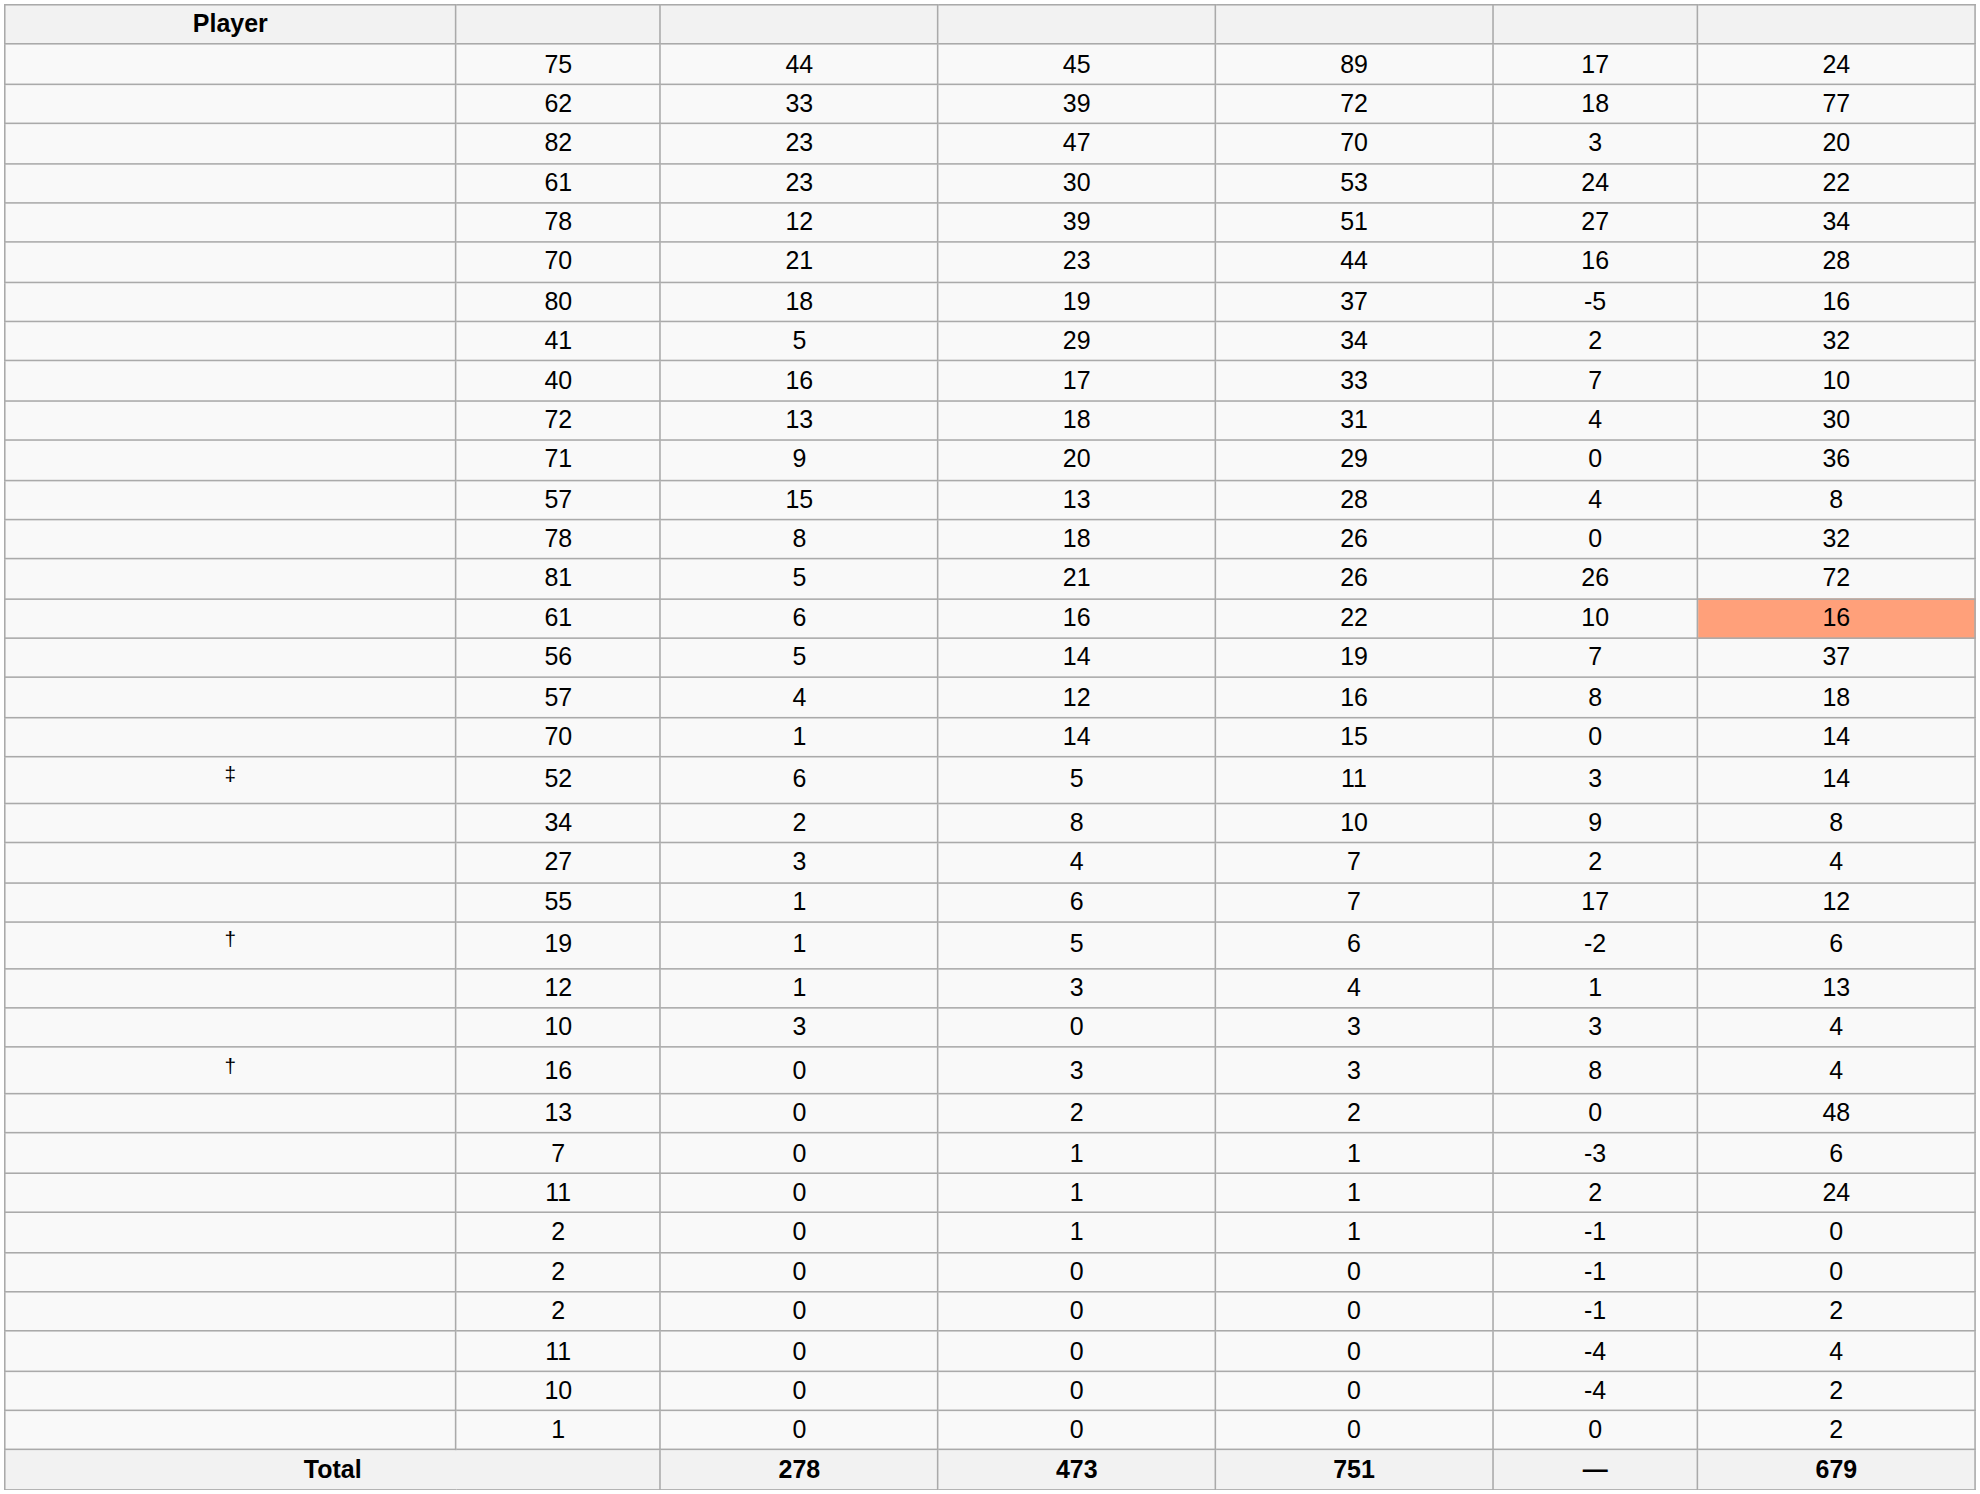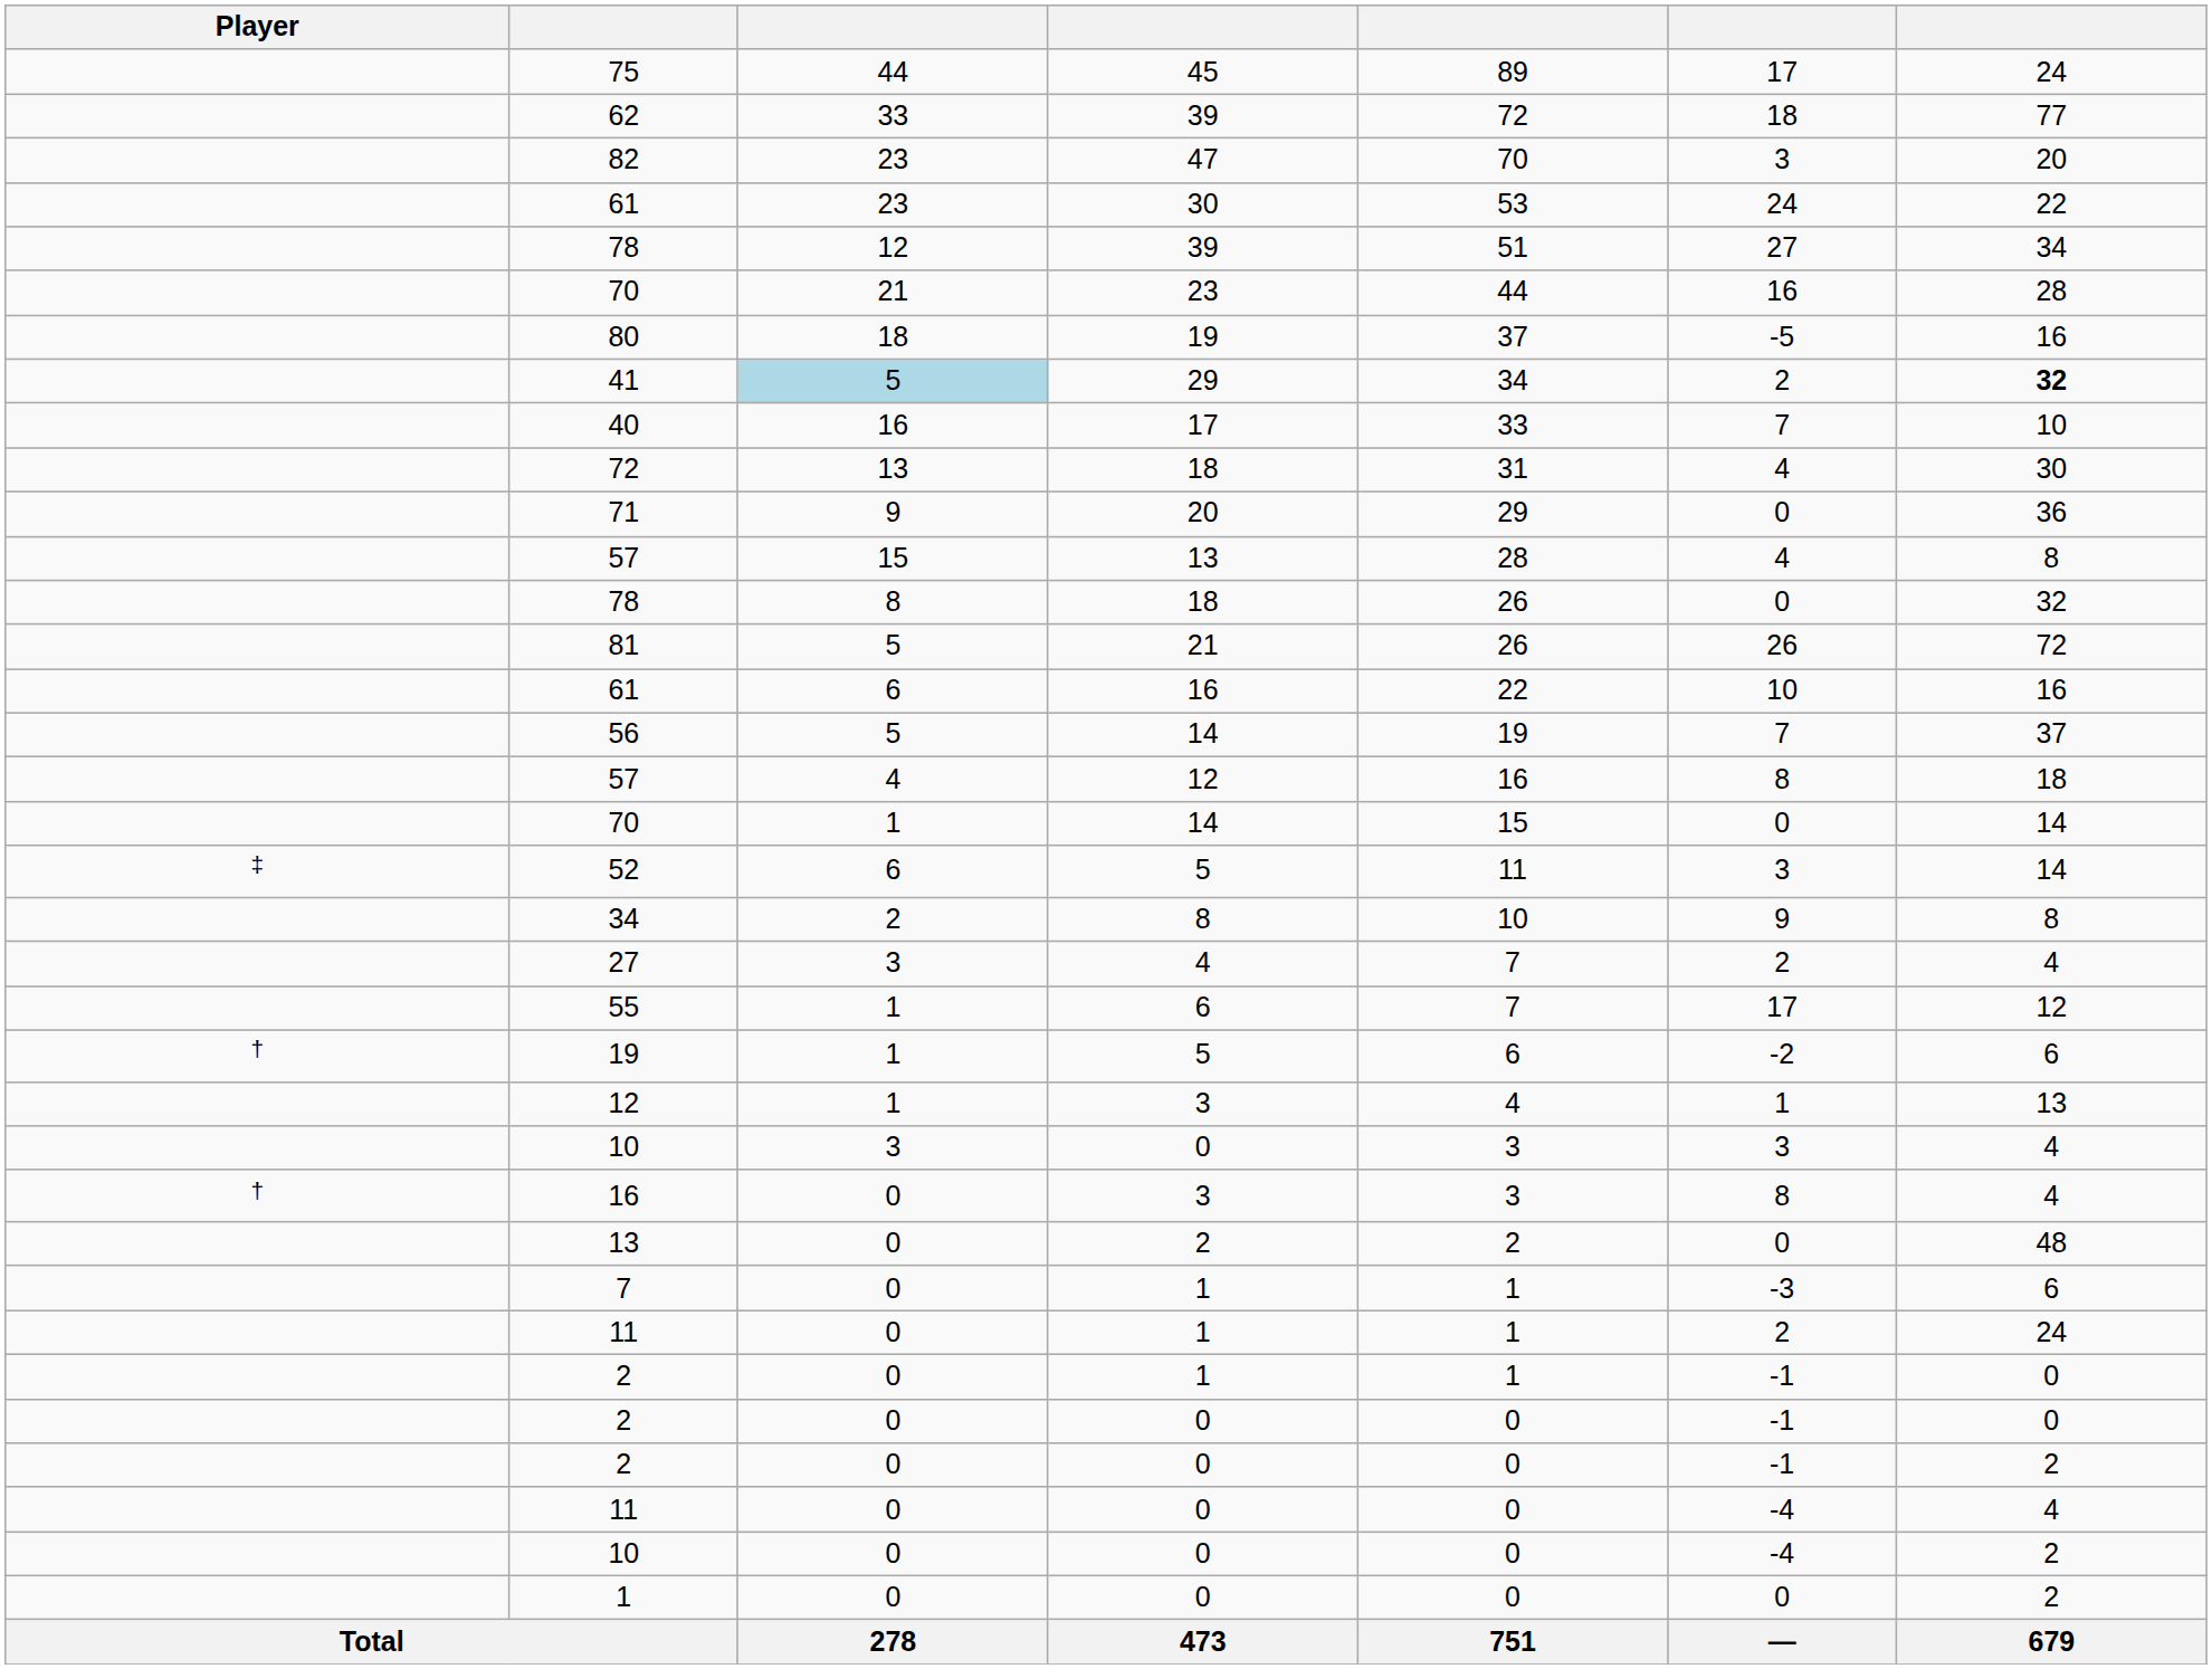 <table class="wikitable sortable" style="width:100%; text-align:center;">
 <tr align=center>
 <th>Player</th>
 <th></th>
 <th></th>
 <th></th>
 <th></th>
 <th data-sort-type="number"></th>
 <th></th>
 </tr>
 <tr>
 <td></td>
 <td>75</td>
 <td>44</td>
 <td>45</td>
 <td>89</td>
 <td>17</td>
 <td>24</td>
 </tr>
 <tr>
 <td></td>
 <td>62</td>
 <td>33</td>
 <td>39</td>
 <td>72</td>
 <td>18</td>
 <td>77</td>
 </tr>
 <tr>
 <td></td>
 <td>82</td>
 <td>23</td>
 <td>47</td>
 <td>70</td>
 <td>3</td>
 <td>20</td>
 </tr>
 <tr>
 <td></td>
 <td>61</td>
 <td>23</td>
 <td>30</td>
 <td>53</td>
 <td>24</td>
 <td>22</td>
 </tr>
 <tr>
 <td></td>
 <td>78</td>
 <td>12</td>
 <td>39</td>
 <td>51</td>
 <td>27</td>
 <td>34</td>
 </tr>
 <tr>
 <td></td>
 <td>70</td>
 <td>21</td>
 <td>23</td>
 <td>44</td>
 <td>16</td>
 <td>28</td>
 </tr>
 <tr>
 <td></td>
 <td>80</td>
 <td>18</td>
 <td>19</td>
 <td>37</td>
 <td>-5</td>
 <td>16</td>
 </tr>
 <tr>
 <td></td>
 <td>41</td>
-<td>5</td>
+<td style="background: lightblue;">5</td>
 <td>29</td>
 <td>34</td>
 <td>2</td>
-<td>32</td>
+<td><strong>32</strong></td>
 </tr>
 <tr>
 <td></td>
 <td>40</td>
 <td>16</td>
 <td>17</td>
 <td>33</td>
 <td>7</td>
 <td>10</td>
 </tr>
 <tr>
 <td></td>
 <td>72</td>
 <td>13</td>
 <td>18</td>
 <td>31</td>
 <td>4</td>
 <td>30</td>
 </tr>
 <tr>
 <td></td>
 <td>71</td>
 <td>9</td>
 <td>20</td>
 <td>29</td>
 <td>0</td>
 <td>36</td>
 </tr>
 <tr>
 <td></td>
 <td>57</td>
 <td>15</td>
 <td>13</td>
 <td>28</td>
 <td>4</td>
 <td>8</td>
 </tr>
 <tr>
 <td></td>
 <td>78</td>
 <td>8</td>
 <td>18</td>
 <td>26</td>
 <td>0</td>
 <td>32</td>
 </tr>
 <tr>
 <td></td>
 <td>81</td>
 <td>5</td>
 <td>21</td>
 <td>26</td>
 <td>26</td>
 <td>72</td>
 </tr>
 <tr>
 <td></td>
 <td>61</td>
 <td>6</td>
 <td>16</td>
 <td>22</td>
 <td>10</td>
-<td style="background: lightsalmon;">16</td>
+<td>16</td>
 </tr>
 <tr>
 <td></td>
 <td>56</td>
 <td>5</td>
 <td>14</td>
 <td>19</td>
 <td>7</td>
 <td>37</td>
 </tr>
 <tr>
 <td></td>
 <td>57</td>
 <td>4</td>
 <td>12</td>
 <td>16</td>
 <td>8</td>
 <td>18</td>
 </tr>
 <tr>
 <td></td>
 <td>70</td>
 <td>1</td>
 <td>14</td>
 <td>15</td>
 <td>0</td>
 <td>14</td>
 </tr>
 <tr>
 <td><sup>‡</sup></td>
 <td>52</td>
 <td>6</td>
 <td>5</td>
 <td>11</td>
 <td>3</td>
 <td>14</td>
 </tr>
 <tr>
 <td></td>
 <td>34</td>
 <td>2</td>
 <td>8</td>
 <td>10</td>
 <td>9</td>
 <td>8</td>
 </tr>
 <tr>
 <td></td>
 <td>27</td>
 <td>3</td>
 <td>4</td>
 <td>7</td>
 <td>2</td>
 <td>4</td>
 </tr>
 <tr>
 <td></td>
 <td>55</td>
 <td>1</td>
 <td>6</td>
 <td>7</td>
 <td>17</td>
 <td>12</td>
 </tr>
 <tr>
 <td><sup>†</sup></td>
 <td>19</td>
 <td>1</td>
 <td>5</td>
 <td>6</td>
 <td>-2</td>
 <td>6</td>
 </tr>
 <tr>
 <td></td>
 <td>12</td>
 <td>1</td>
 <td>3</td>
 <td>4</td>
 <td>1</td>
 <td>13</td>
 </tr>
 <tr>
 <td></td>
 <td>10</td>
 <td>3</td>
 <td>0</td>
 <td>3</td>
 <td>3</td>
 <td>4</td>
 </tr>
 <tr>
 <td><sup>†</sup></td>
 <td>16</td>
 <td>0</td>
 <td>3</td>
 <td>3</td>
 <td>8</td>
 <td>4</td>
 </tr>
 <tr>
 <td></td>
 <td>13</td>
 <td>0</td>
 <td>2</td>
 <td>2</td>
 <td>0</td>
 <td>48</td>
 </tr>
 <tr>
 <td></td>
 <td>7</td>
 <td>0</td>
 <td>1</td>
 <td>1</td>
 <td>-3</td>
 <td>6</td>
 </tr>
 <tr>
 <td></td>
 <td>11</td>
 <td>0</td>
 <td>1</td>
 <td>1</td>
 <td>2</td>
 <td>24</td>
 </tr>
 <tr>
 <td></td>
 <td>2</td>
 <td>0</td>
 <td>1</td>
 <td>1</td>
 <td>-1</td>
 <td>0</td>
 </tr>
 <tr>
 <td></td>
 <td>2</td>
 <td>0</td>
 <td>0</td>
 <td>0</td>
 <td>-1</td>
 <td>0</td>
 </tr>
 <tr>
 <td></td>
 <td>2</td>
 <td>0</td>
 <td>0</td>
 <td>0</td>
 <td>-1</td>
 <td>2</td>
 </tr>
 <tr>
 <td></td>
 <td>11</td>
 <td>0</td>
 <td>0</td>
 <td>0</td>
 <td>-4</td>
 <td>4</td>
 </tr>
 <tr>
 <td></td>
 <td>10</td>
 <td>0</td>
 <td>0</td>
 <td>0</td>
 <td>-4</td>
 <td>2</td>
 </tr>
 <tr>
 <td></td>
 <td>1</td>
 <td>0</td>
 <td>0</td>
 <td>0</td>
 <td>0</td>
 <td>2</td>
 </tr>
 <tr class="sortbottom">
 <th colspan=2>Total</th>
 <th>278</th>
 <th>473</th>
 <th>751</th>
 <th>—</th>
 <th>679</th>
 </tr>
 </table>
